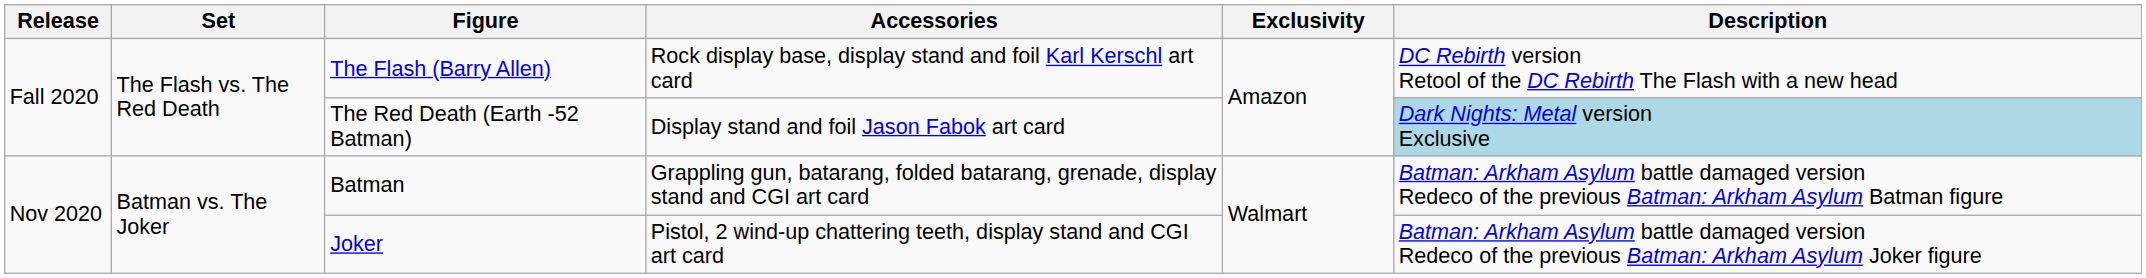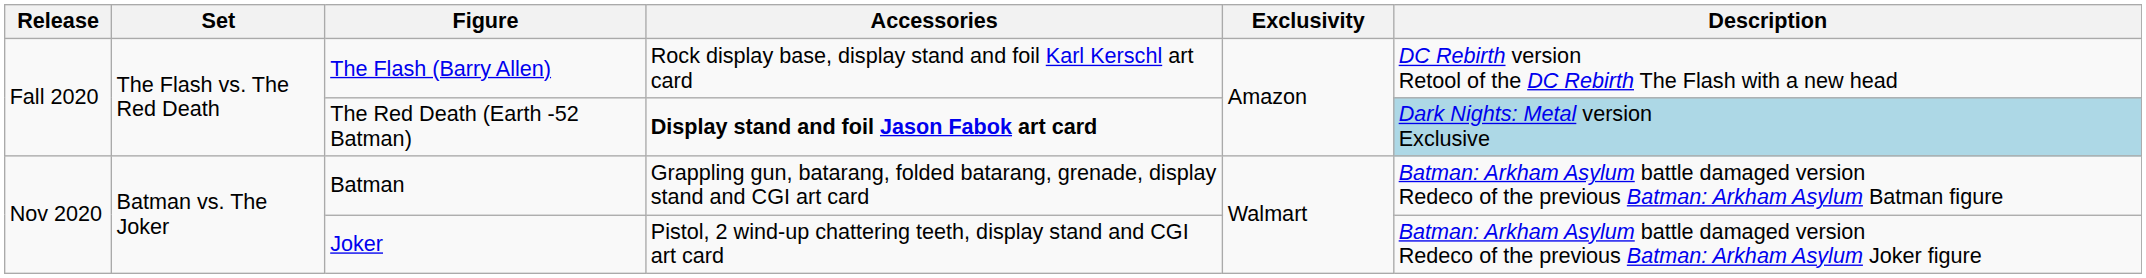 <table class="wikitable" style="width:100%;">
 <tr>
 <th width=5%!scope="col">Release</th>
 <th width=10%!scope="col"><strong>Set</strong></th>
 <th width=15%!scope="col"><strong>Figure</strong></th>
 <th width=27%!scope="col">Accessories</th>
 <th width=8%!scope="col">Exclusivity</th>
 <th width=45%!scope="col"><strong>Description</strong></th>
 </tr>
 <tr>
 <td rowspan=2>Fall 2020</td>
 <td rowspan=2>The Flash vs. The Red Death</td>
 <td><a href='#'>The Flash (Barry Allen)</a></td>
 <td>Rock display base, display stand and foil <a href='#'>Karl Kerschl</a> art card</td>
 <td rowspan=2>Amazon</td>
 <td><em><a href='#'>DC Rebirth</a></em> version<br>Retool of the <em><a href='#'>DC Rebirth</a></em> The Flash with a new head</td>
 </tr>
 <tr>
 <td>The Red Death (Earth -52 Batman)</td>
-<td>Display stand and foil <a href='#'>Jason Fabok</a> art card</td>
+<td><strong>Display stand and foil <a href='#'>Jason Fabok</a> art card</strong></td>
 <td style="background: lightblue;"><em><a href='#'>Dark Nights: Metal</a></em> version<br>Exclusive</td>
 </tr>
 <tr>
 <td rowspan=2>Nov 2020</td>
 <td rowspan=2>Batman vs. The Joker</td>
 <td>Batman</td>
 <td>Grappling gun, batarang, folded batarang, grenade, display stand and CGI art card</td>
 <td rowspan=2>Walmart</td>
 <td><em><a href='#'>Batman: Arkham Asylum</a></em> battle damaged version<br>Redeco of the previous <em><a href='#'>Batman: Arkham Asylum</a></em> Batman figure</td>
 </tr>
 <tr>
 <td><a href='#'>Joker</a></td>
 <td>Pistol, 2 wind-up chattering teeth, display stand and CGI art card</td>
 <td><em><a href='#'>Batman: Arkham Asylum</a></em> battle damaged version<br>Redeco of the previous <em><a href='#'>Batman: Arkham Asylum</a></em> Joker figure</td>
 </tr>
 </table>
